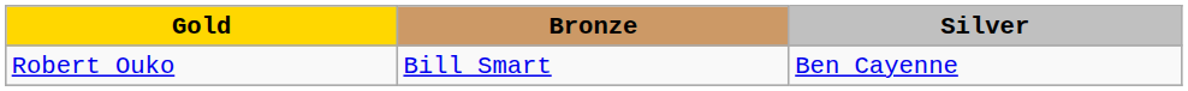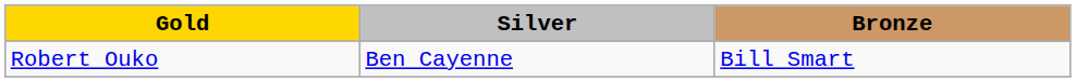 <table class="wikitable">
 <tr>
 <th style="background-color:gold; width:200px;">Gold</th>
+<th style="background-color:silver; width:200px;">Silver</th>
 <th style="background-color:#cc9966; width:200px;">Bronze</th>
-<th style="background-color:silver; width:200px;">Silver</th>
 </tr>
 <tr>
 <td><a href='#'>Robert Ouko</a><br><em></em></td>
+<td><a href='#'>Ben Cayenne</a><br><em></em></td>
 <td><a href='#'>Bill Smart</a><br><em></em></td>
-<td><a href='#'>Ben Cayenne</a><br><em></em></td>
 </tr>
 </table>
